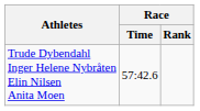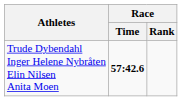 <table class="wikitable" style="font-size:90%">
 <tr>
 <th rowspan=2>Athletes</th>
 <th colspan=2>Race</th>
 </tr>
 <tr>
 <th>Time</th>
 <th>Rank</th>
 </tr>
 <tr>
 <td><a href='#'>Trude Dybendahl</a><br><a href='#'>Inger Helene Nybråten</a><br><a href='#'>Elin Nilsen</a><br><a href='#'>Anita Moen</a></td>
-<td align=center>57:42.6</td>
+<td align=center><strong>57:42.6</strong></td>
 <td align=center></td>
 </tr>
 </table>
